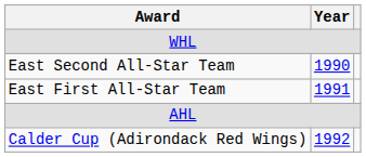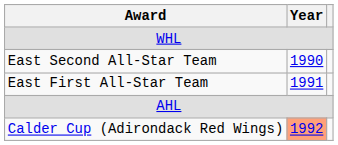 <table class="wikitable">
 <tr>
 <th>Award</th>
 <th>Year</th>
 <th></th>
 </tr>
 <tr ALIGN="center" bgcolor="#e0e0e0">
 <td colspan="3"><a href='#'>WHL</a></td>
 </tr>
 <tr>
 <td>East Second All-Star Team</td>
 <td><a href='#'>1990</a></td>
 <td></td>
 </tr>
 <tr>
 <td>East First All-Star Team</td>
 <td><a href='#'>1991</a></td>
 <td></td>
 </tr>
 <tr ALIGN="center" bgcolor="#e0e0e0">
 <td colspan="3"><a href='#'>AHL</a></td>
 </tr>
 <tr>
 <td><a href='#'>Calder Cup</a> (Adirondack Red Wings)</td>
-<td><a href='#'>1992</a></td>
+<td style="background: lightsalmon;"><a href='#'>1992</a></td>
 <td></td>
 </tr>
 </table>
